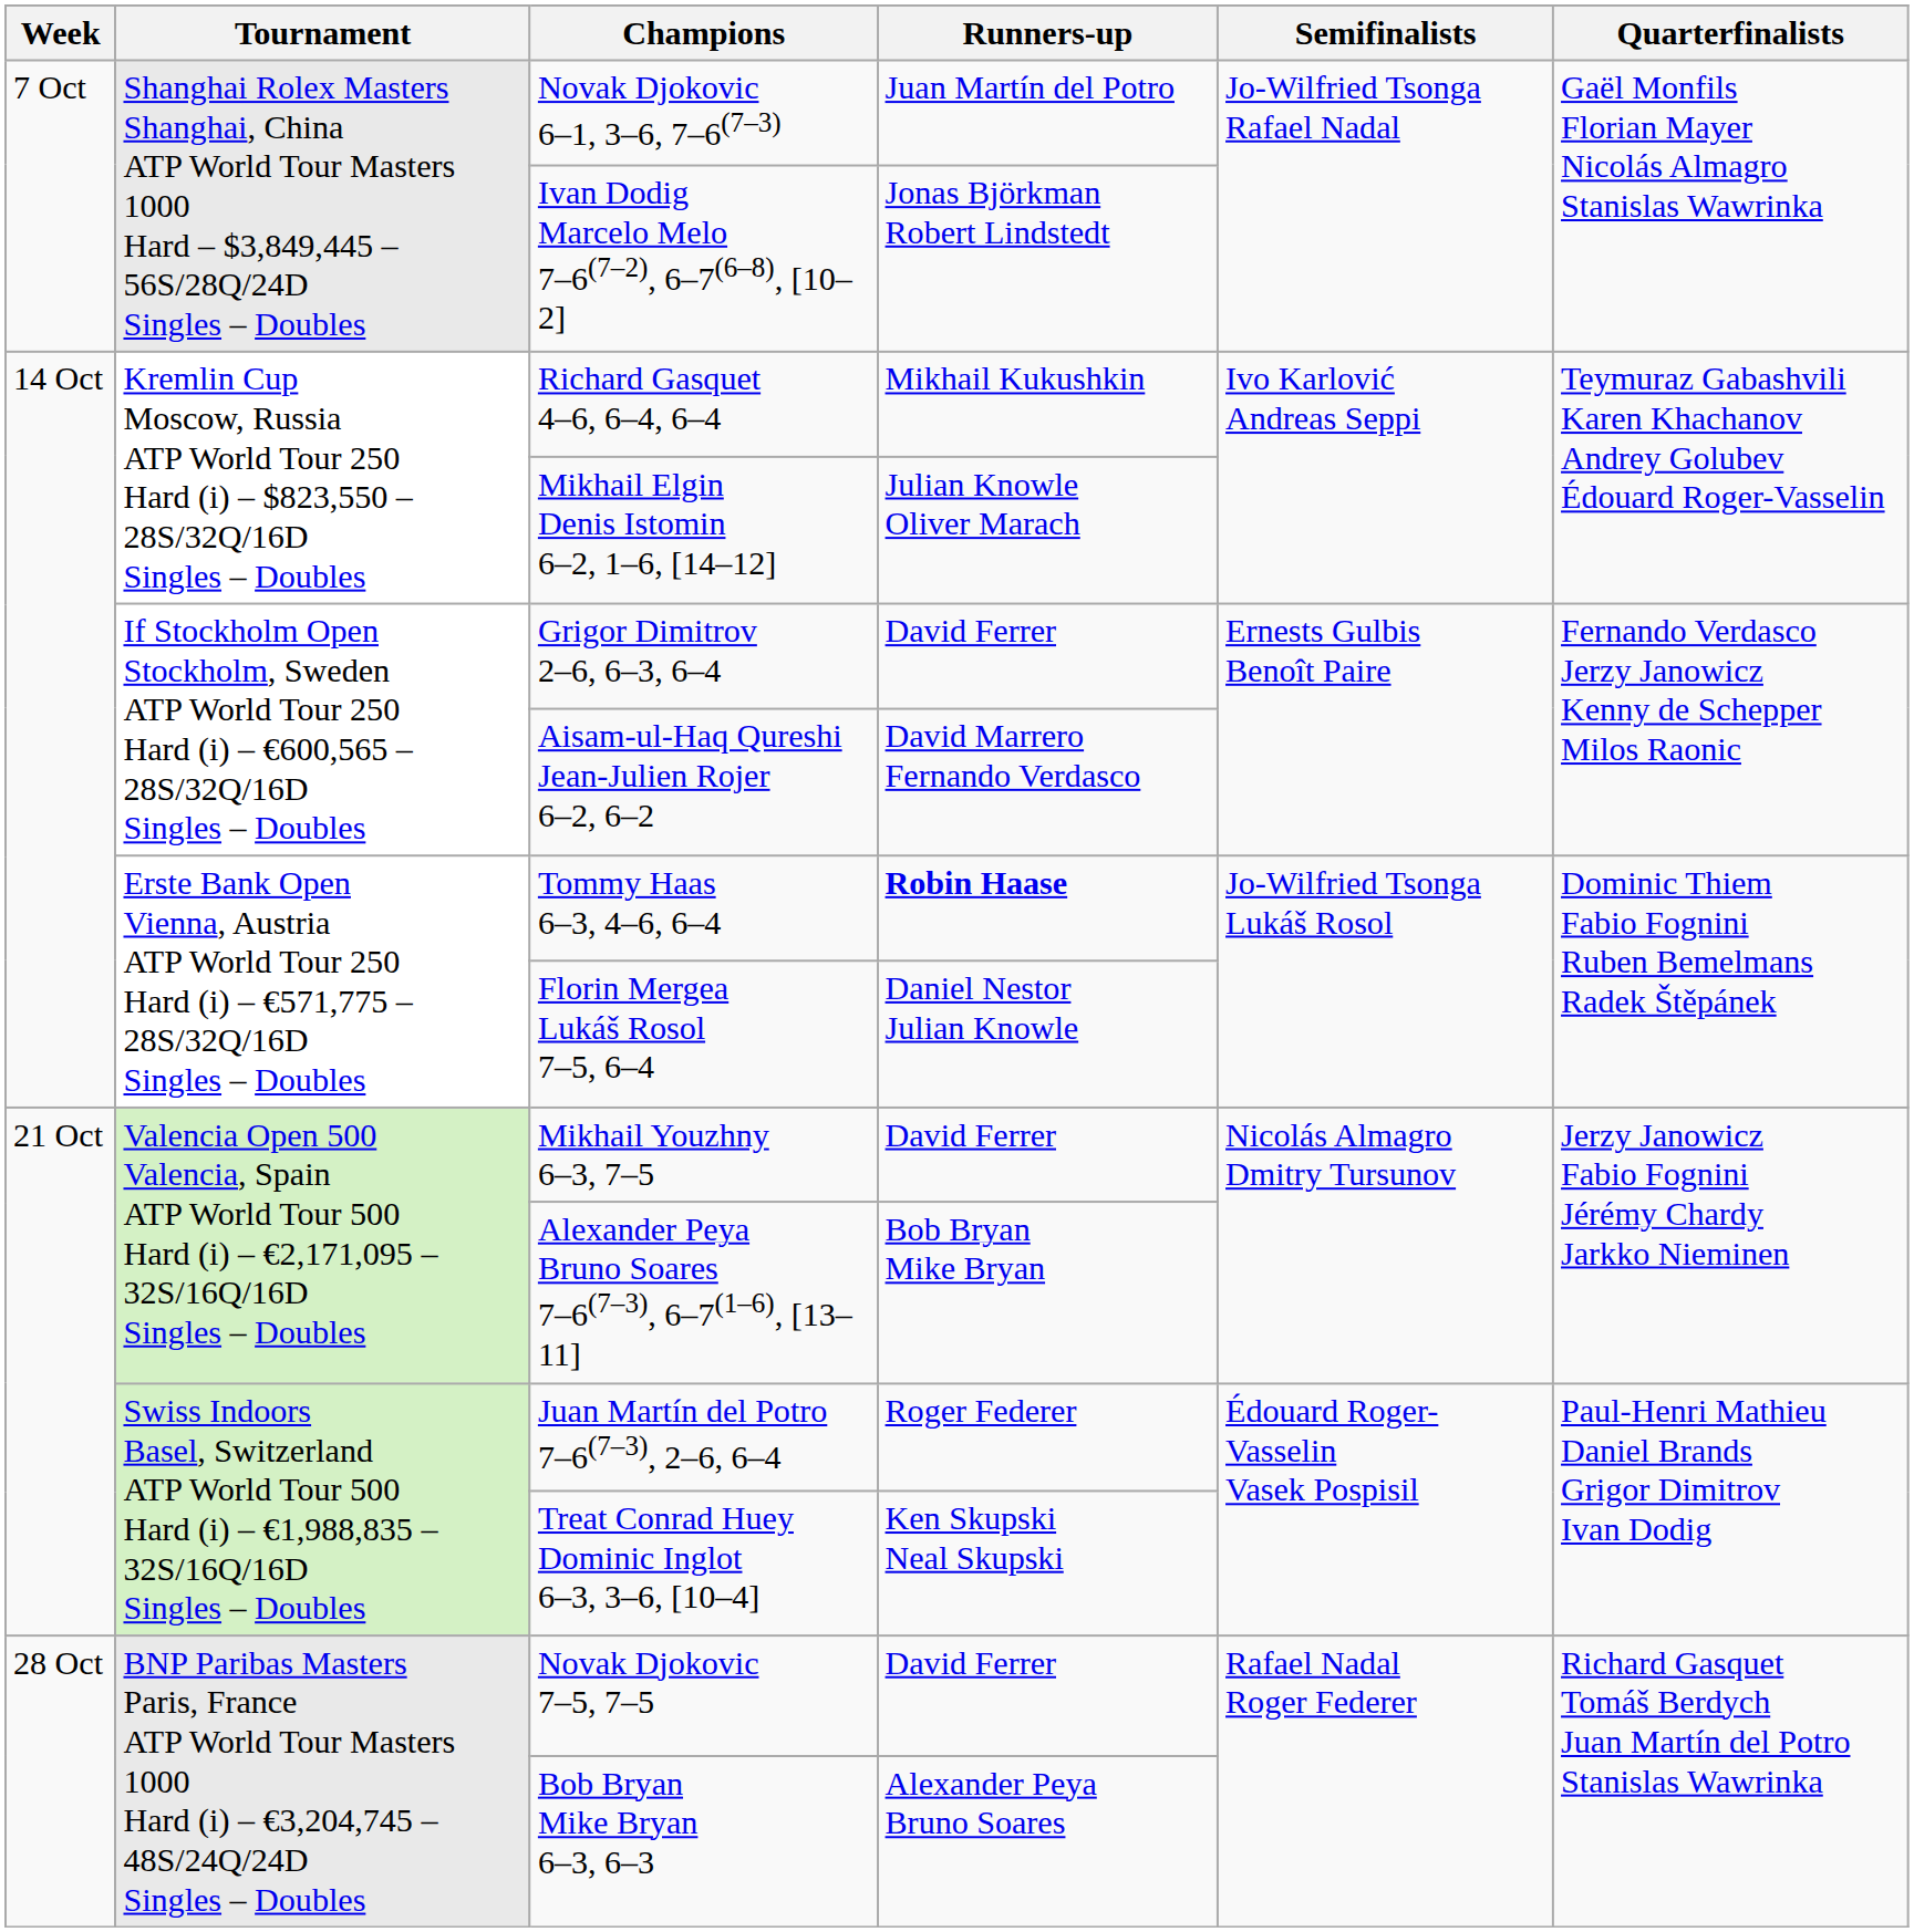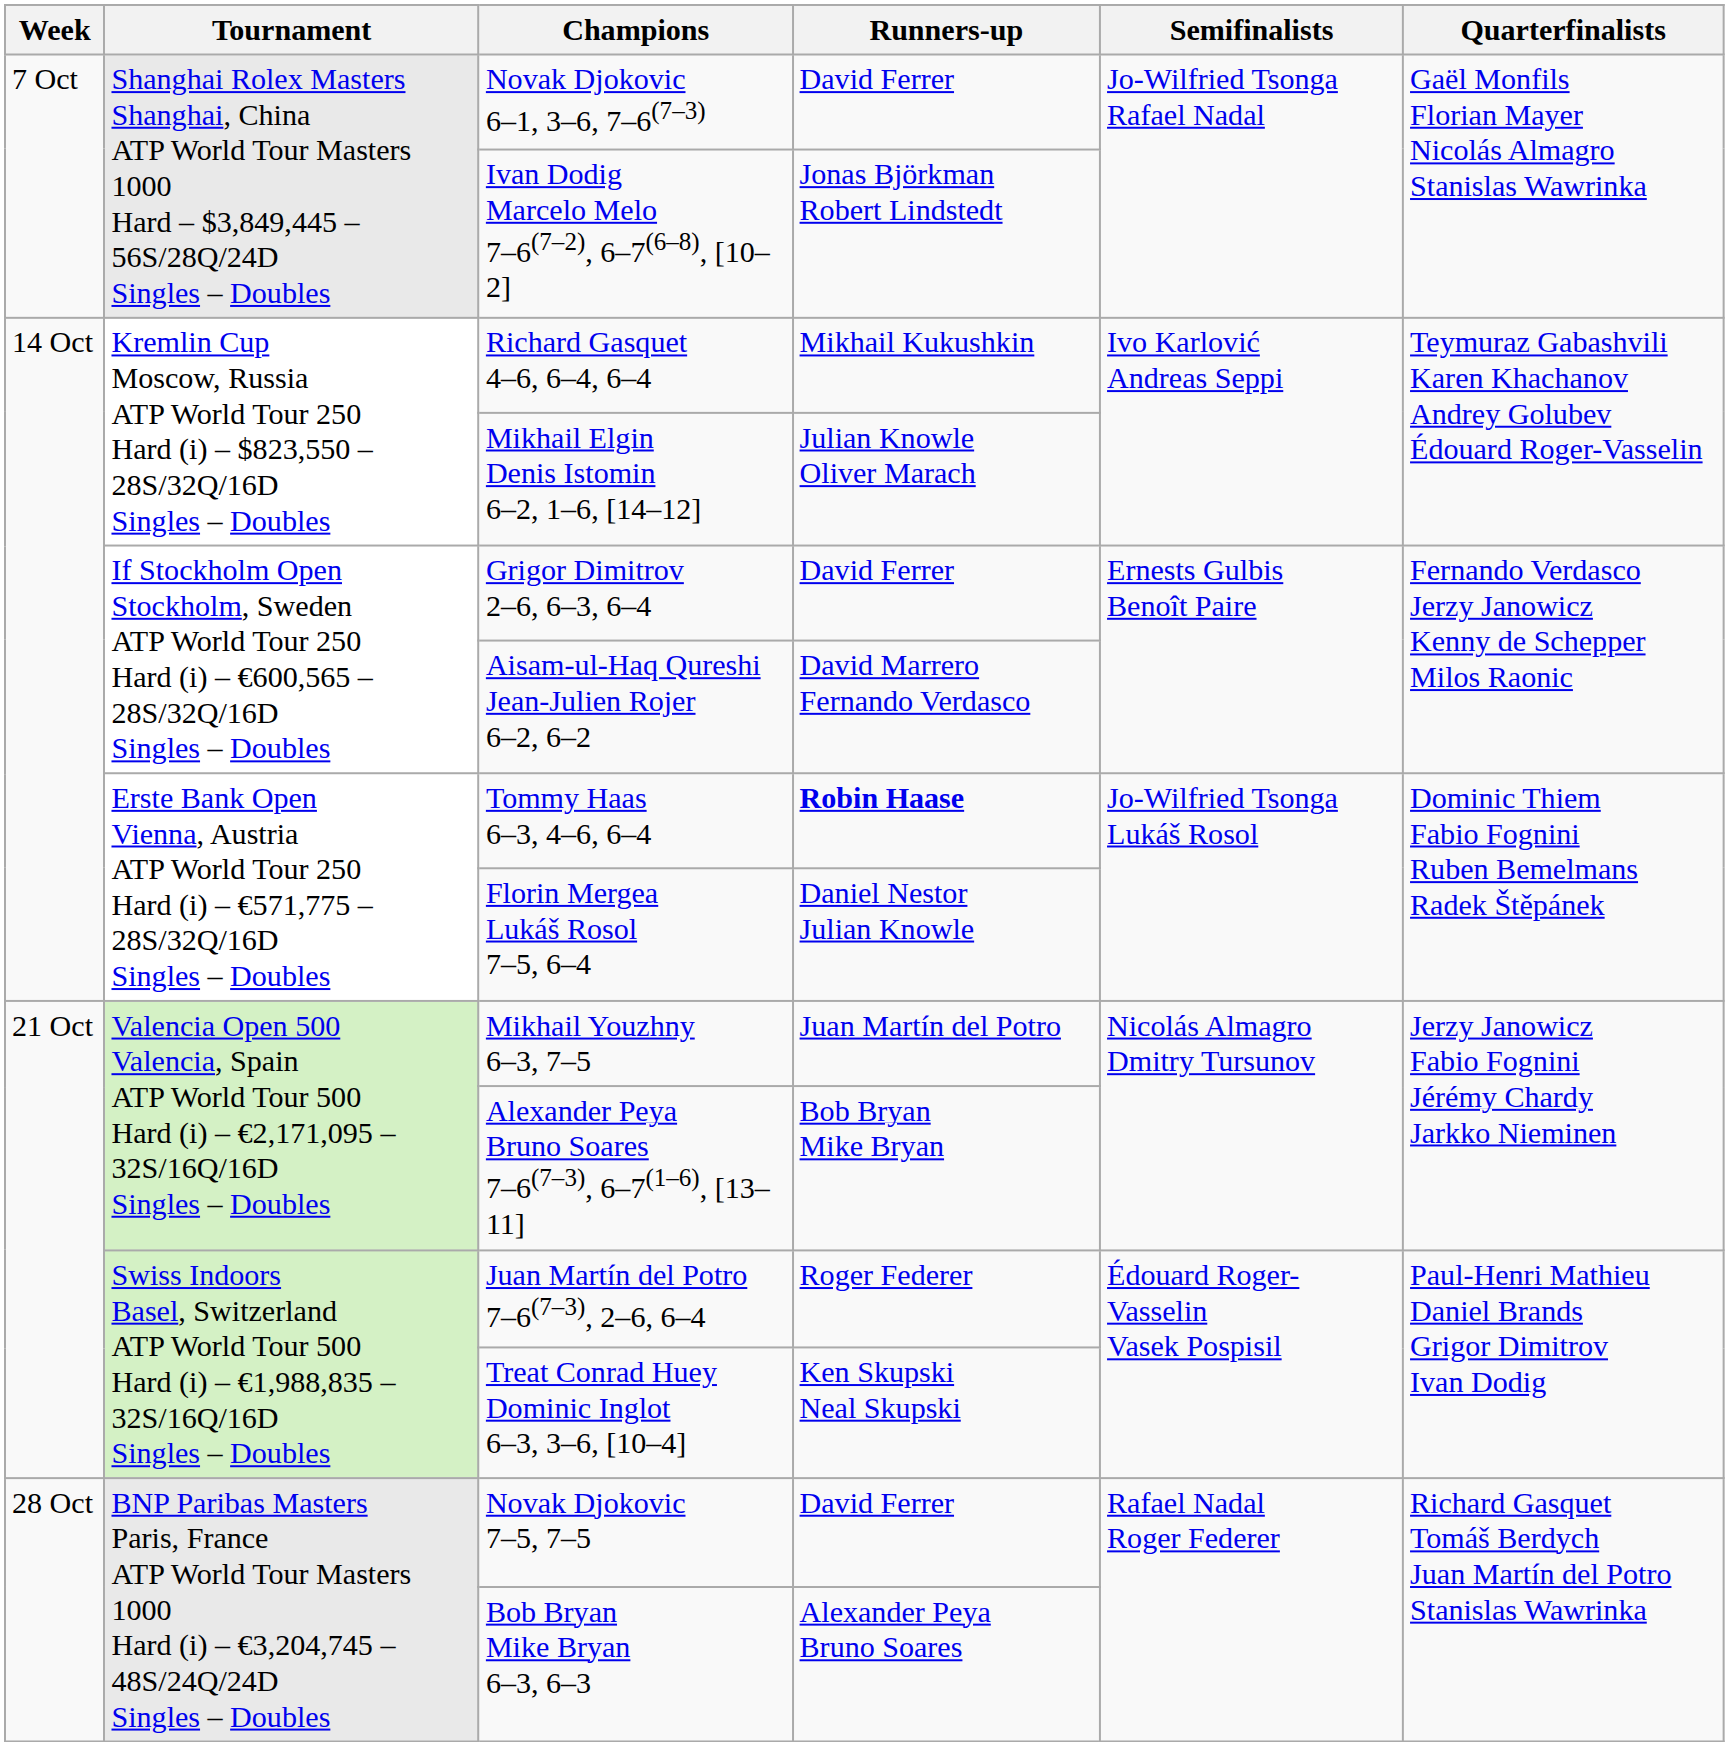 <table class=wikitable style=font-size:95%>
 <tr>
 <th style="width:48px;">Week</th>
 <th style="width:250px;">Tournament</th>
 <th style="width:205px;">Champions</th>
 <th style="width:205px;">Runners-up</th>
 <th style="width:190px;">Semifinalists</th>
 <th style="width:190px;">Quarterfinalists</th>
 </tr>
 <tr valign="top">
 <td rowspan="2">7 Oct</td>
 <td bgcolor="#E9E9E9" rowspan="2"><a href='#'>Shanghai Rolex Masters</a><br>   <a href='#'>Shanghai</a>, China<br>ATP World Tour Masters 1000<br>Hard – $3,849,445 – 56S/28Q/24D<br><a href='#'>Singles</a> – <a href='#'>Doubles</a></td>
 <td> <a href='#'>Novak Djokovic</a><br>6–1, 3–6, 7–6<sup>(7–3)</sup></td>
-<td> <a href='#'>Juan Martín del Potro</a></td>
+<td> <a href='#'>David Ferrer</a></td>
 <td rowspan="2"> <a href='#'>Jo-Wilfried Tsonga</a><br> <a href='#'>Rafael Nadal</a></td>
 <td rowspan="2"> <a href='#'>Gaël Monfils</a> <br>  <a href='#'>Florian Mayer</a> <br>  <a href='#'>Nicolás Almagro</a> <br> <a href='#'>Stanislas Wawrinka</a></td>
 </tr>
 <tr valign="top">
 <td> <a href='#'>Ivan Dodig</a> <br>  <a href='#'>Marcelo Melo</a> <br> 7–6<sup>(7–2)</sup>, 6–7<sup>(6–8)</sup>, [10–2]</td>
 <td> <a href='#'>Jonas Björkman</a> <br>  <a href='#'>Robert Lindstedt</a></td>
 </tr>
 <tr valign="top">
 <td rowspan="6">14 Oct</td>
 <td bgcolor="#ffffff" rowspan="2"><a href='#'>Kremlin Cup</a><br>  Moscow, Russia<br>ATP World Tour 250<br>Hard (i) – $823,550 – 28S/32Q/16D<br><a href='#'>Singles</a> – <a href='#'>Doubles</a></td>
 <td> <a href='#'>Richard Gasquet</a><br>4–6, 6–4, 6–4</td>
 <td> <a href='#'>Mikhail Kukushkin</a></td>
 <td rowspan="2"> <a href='#'>Ivo Karlović</a><br> <a href='#'>Andreas Seppi</a></td>
 <td rowspan="2"> <a href='#'>Teymuraz Gabashvili</a><br> <a href='#'>Karen Khachanov</a><br>  <a href='#'>Andrey Golubev</a><br> <a href='#'>Édouard Roger-Vasselin</a></td>
 </tr>
 <tr valign="top">
 <td> <a href='#'>Mikhail Elgin</a><br> <a href='#'>Denis Istomin</a><br>6–2, 1–6, [14–12]</td>
 <td> <a href='#'>Julian Knowle</a> <br>  <a href='#'>Oliver Marach</a></td>
 </tr>
 <tr valign="top">
 <td bgcolor="#ffffff" rowspan="2"><a href='#'>If Stockholm Open</a><br>  <a href='#'>Stockholm</a>, Sweden<br>ATP World Tour 250<br>Hard (i) – €600,565 – 28S/32Q/16D<br><a href='#'>Singles</a> – <a href='#'>Doubles</a></td>
 <td> <a href='#'>Grigor Dimitrov</a><br>2–6, 6–3, 6–4</td>
 <td> <a href='#'>David Ferrer</a></td>
 <td rowspan="2"> <a href='#'>Ernests Gulbis</a><br>   <a href='#'>Benoît Paire</a></td>
 <td rowspan="2"> <a href='#'>Fernando Verdasco</a><br> <a href='#'>Jerzy Janowicz</a> <br> <a href='#'>Kenny de Schepper</a><br> <a href='#'>Milos Raonic</a></td>
 </tr>
 <tr valign="top">
 <td> <a href='#'>Aisam-ul-Haq Qureshi</a> <br>  <a href='#'>Jean-Julien Rojer</a><br>6–2, 6–2</td>
 <td> <a href='#'>David Marrero</a> <br>  <a href='#'>Fernando Verdasco</a></td>
 </tr>
 <tr valign="top">
 <td bgcolor="#ffffff" rowspan="2"><a href='#'>Erste Bank Open</a><br>  <a href='#'>Vienna</a>, Austria<br>ATP World Tour 250<br>Hard (i) – €571,775 – 28S/32Q/16D<br><a href='#'>Singles</a> – <a href='#'>Doubles</a></td>
 <td> <a href='#'>Tommy Haas</a><br> 6–3, 4–6, 6–4</td>
 <td><strong> <a href='#'>Robin Haase</a></strong></td>
 <td rowspan="2"> <a href='#'>Jo-Wilfried Tsonga</a><br> <a href='#'>Lukáš Rosol</a></td>
 <td rowspan="2"> <a href='#'>Dominic Thiem</a><br> <a href='#'>Fabio Fognini</a><br>  <a href='#'>Ruben Bemelmans</a><br> <a href='#'>Radek Štěpánek</a></td>
 </tr>
 <tr valign="top">
 <td> <a href='#'>Florin Mergea</a><br> <a href='#'>Lukáš Rosol</a><br>7–5, 6–4</td>
 <td> <a href='#'>Daniel Nestor</a><br> <a href='#'>Julian Knowle</a></td>
 </tr>
 <tr valign="top">
 <td rowspan="4">21 Oct</td>
 <td bgcolor="#D4F1C5" rowspan="2"><a href='#'>Valencia Open 500</a><br>  <a href='#'>Valencia</a>, Spain<br>ATP World Tour 500<br>Hard (i) – €2,171,095 – 32S/16Q/16D<br><a href='#'>Singles</a> – <a href='#'>Doubles</a></td>
 <td> <a href='#'>Mikhail Youzhny</a> <br> 6–3, 7–5</td>
-<td> <a href='#'>David Ferrer</a></td>
+<td> <a href='#'>Juan Martín del Potro</a></td>
 <td rowspan="2"> <a href='#'>Nicolás Almagro</a><br> <a href='#'>Dmitry Tursunov</a></td>
 <td rowspan="2"> <a href='#'>Jerzy Janowicz</a><br> <a href='#'>Fabio Fognini</a><br> <a href='#'>Jérémy Chardy</a><br> <a href='#'>Jarkko Nieminen</a></td>
 </tr>
 <tr valign="top">
 <td> <a href='#'>Alexander Peya</a><br> <a href='#'>Bruno Soares</a><br>7–6<sup>(7–3)</sup>, 6–7<sup>(1–6)</sup>, [13–11]</td>
 <td> <a href='#'>Bob Bryan</a><br> <a href='#'>Mike Bryan</a></td>
 </tr>
 <tr valign="top">
 <td bgcolor="#D4F1C5" rowspan="2"><a href='#'>Swiss Indoors</a><br>  <a href='#'>Basel</a>, Switzerland<br>ATP World Tour 500<br>Hard (i) – €1,988,835 – 32S/16Q/16D<br><a href='#'>Singles</a> – <a href='#'>Doubles</a></td>
 <td> <a href='#'>Juan Martín del Potro</a> <br> 7–6<sup>(7–3)</sup>, 2–6, 6–4</td>
 <td> <a href='#'>Roger Federer</a></td>
 <td rowspan="2"> <a href='#'>Édouard Roger-Vasselin</a><br> <a href='#'>Vasek Pospisil</a></td>
 <td rowspan="2"> <a href='#'>Paul-Henri Mathieu</a><br>  <a href='#'>Daniel Brands</a><br>  <a href='#'>Grigor Dimitrov</a><br> <a href='#'>Ivan Dodig</a></td>
 </tr>
 <tr valign="top">
 <td> <a href='#'>Treat Conrad Huey</a> <br>  <a href='#'>Dominic Inglot</a><br>6–3, 3–6, [10–4]</td>
 <td> <a href='#'>Ken Skupski</a><br> <a href='#'>Neal Skupski</a></td>
 </tr>
 <tr valign="top">
 <td rowspan="2">28 Oct</td>
 <td bgcolor="#E9E9E9" rowspan="2"><a href='#'>BNP Paribas Masters</a><br>   Paris, France<br>ATP World Tour Masters 1000<br>Hard (i) – €3,204,745 – 48S/24Q/24D<br><a href='#'>Singles</a> – <a href='#'>Doubles</a></td>
 <td> <a href='#'>Novak Djokovic</a><br>7–5, 7–5</td>
 <td> <a href='#'>David Ferrer</a></td>
 <td rowspan="2"> <a href='#'>Rafael Nadal</a> <br>  <a href='#'>Roger Federer</a></td>
 <td rowspan="2"> <a href='#'>Richard Gasquet</a> <br>  <a href='#'>Tomáš Berdych</a> <br>  <a href='#'>Juan Martín del Potro</a> <br>  <a href='#'>Stanislas Wawrinka</a></td>
 </tr>
 <tr valign="top">
 <td> <a href='#'>Bob Bryan</a><br> <a href='#'>Mike Bryan</a><br>6–3, 6–3</td>
 <td> <a href='#'>Alexander Peya</a><br> <a href='#'>Bruno Soares</a></td>
 </tr>
 </table>
